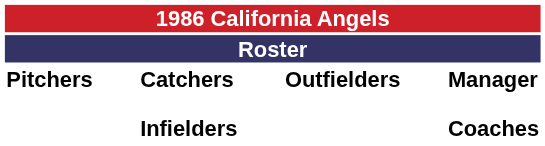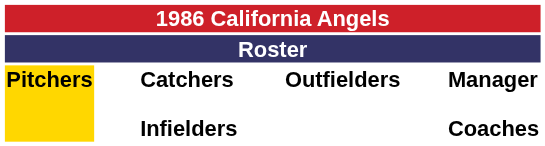 <table class="toccolours" style="font-size: 95%;">
 <tr>
 <th colspan="10" style="background-color: #CE2029; color: #FFFFFF; text-align: center;">1986 California Angels</th>
 </tr>
 <tr>
 <td colspan="10" style="background-color:#333366; color: white; text-align: center;"><strong>Roster</strong></td>
 </tr>
 <tr>
-<td valign="top"><strong>Pitchers</strong><br>                  </td>
+<td valign="top" style="background: gold;"><strong>Pitchers</strong><br>                  </td>
 <td width="25px"></td>
 <td valign="top"><strong>Catchers</strong><br> <br><strong>Infielders</strong>         </td>
 <td width="25px"></td>
 <td valign="top"><strong>Outfielders</strong><br>       </td>
 <td width="25px"></td>
 <td valign="top"><strong>Manager</strong><br><br><strong>Coaches</strong>     </td>
 </tr>
 </table>
